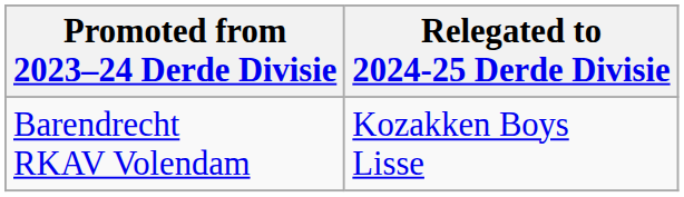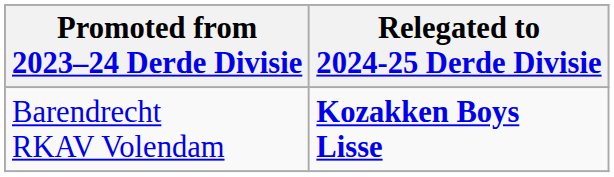 <table class="wikitable">
 <tr>
 <th>Promoted from<br><a href='#'>2023–24 Derde Divisie</a></th>
 <th>Relegated to<br><a href='#'>2024-25 Derde Divisie</a></th>
 </tr>
 <tr>
 <td><a href='#'>Barendrecht</a><br><a href='#'>RKAV Volendam</a></td>
-<td><a href='#'>Kozakken Boys</a><br><a href='#'>Lisse</a></td>
+<td><strong><a href='#'>Kozakken Boys</a><br><a href='#'>Lisse</a></strong></td>
 </tr>
 </table>
